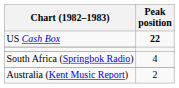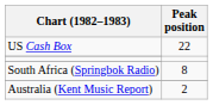 <table class="wikitable sortable plainrowheaders" style="text-align:left;">
 <tr>
 <th scope="col">Chart (1982–1983)</th>
 <th scope="col">Peak<br>position</th>
 </tr>
 <tr>
 <td>US <em><a href='#'>Cash Box</a></em></td>
-<td style="text-align:center;"><strong>22</strong></td>
+<td style="text-align:center;">22</td>
 </tr>
 <tr>
 </tr>
 <tr>
 </tr>
 <tr>
 </tr>
 <tr>
 </tr>
 <tr>
 <td></td>
 </tr>
 <tr>
 </tr>
 <tr>
 </tr>
 <tr>
 <td>South Africa (<a href='#'>Springbok Radio</a>)</td>
-<td align="center">4</td>
+<td align="center">8</td>
 </tr>
 <tr>
 </tr>
 <tr>
 </tr>
 <tr>
 <td>Australia (<a href='#'>Kent Music Report</a>)</td>
 <td style="text-align:center;">2</td>
 </tr>
 </table>
